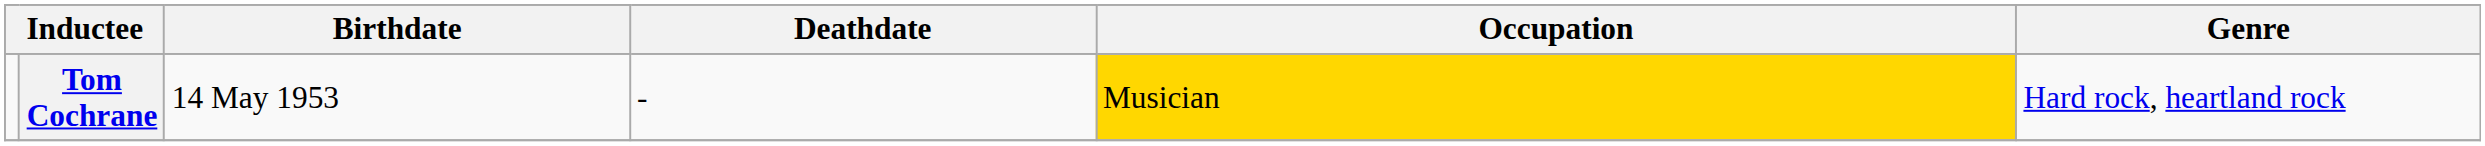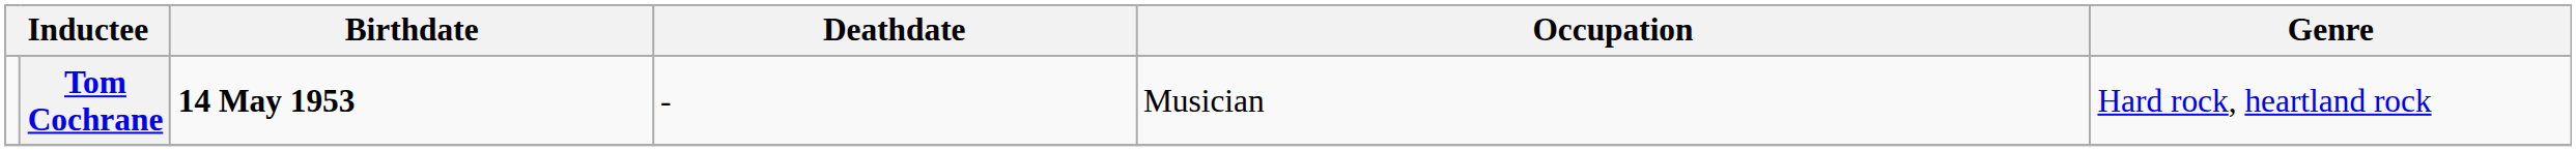 <table class="wikitable" width="100%">
 <tr>
 <th colspan=2>Inductee</th>
 <th width="20%">Birthdate</th>
 <th width="20%">Deathdate</th>
 <th width="40%">Occupation</th>
 <th width="40%">Genre</th>
 </tr>
 <tr>
 <td></td>
 <th><a href='#'>Tom Cochrane</a></th>
-<td>14 May 1953</td>
+<td><strong>14 May 1953</strong></td>
 <td>-</td>
-<td style="background: gold;">Musician</td>
+<td>Musician</td>
 <td><a href='#'>Hard rock</a>, <a href='#'>heartland rock</a></td>
 </tr>
 <tr>
 </tr>
 </table>
